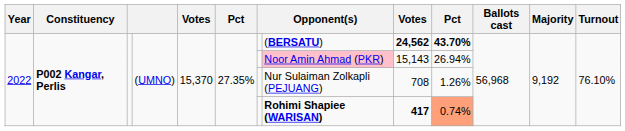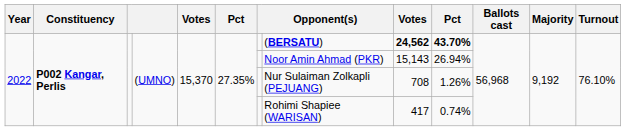 <table class="wikitable" style="margin:0.5em ; font-size:95%">
 <tr>
 <th>Year</th>
 <th>Constituency</th>
 <th colspan=2></th>
 <th>Votes</th>
 <th>Pct</th>
 <th colspan=2>Opponent(s)</th>
 <th>Votes</th>
 <th>Pct</th>
 <th>Ballots cast</th>
 <th>Majority</th>
 <th>Turnout</th>
 </tr>
 <tr>
 <td rowspan="4"><a href='#'>2022</a></td>
 <td rowspan="4"><strong>P002 <a href='#'>Kangar</a>, Perlis</strong></td>
 <td rowspan="4" ></td>
 <td rowspan="4"> (<a href='#'>UMNO</a>)</td>
 <td rowspan="4" align="right">15,370</td>
 <td rowspan="4">27.35%</td>
 <td bgcolor=></td>
 <td> (<strong><a href='#'>BERSATU</a></strong>)</td>
 <td align="right"><strong>24,562</strong></td>
 <td><strong>43.70%</strong></td>
 <td rowspan="4">56,968</td>
 <td rowspan="4">9,192</td>
 <td rowspan="4">76.10%</td>
 </tr>
 <tr>
 <td></td>
-<td style="background: pink;"><a href='#'>Noor Amin Ahmad</a> (<a href='#'>PKR</a>)</td>
+<td><a href='#'>Noor Amin Ahmad</a> (<a href='#'>PKR</a>)</td>
 <td align="right">15,143</td>
 <td>26.94%</td>
 </tr>
 <tr>
 <td bgcolor=></td>
 <td>Nur Sulaiman Zolkapli (<a href='#'>PEJUANG</a>)</td>
 <td align="right">708</td>
 <td align=right>1.26%</td>
 </tr>
 <tr>
 <td></td>
-<td><strong>Rohimi Shapiee (<a href='#'>WARISAN</a>)</strong></td>
-<td align="right"><strong>417</strong></td>
-<td align=right style="background: lightsalmon;">0.74%</td>
+<td>Rohimi Shapiee (<a href='#'>WARISAN</a>)</td>
+<td align="right">417</td>
+<td align=right>0.74%</td>
 </tr>
 </table>
